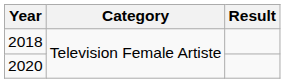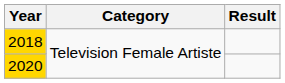 <table class="wikitable sortable">
 <tr>
 <th>Year</th>
 <th>Category</th>
 <th>Result</th>
 </tr>
 <tr>
-<td>2018</td>
+<td style="background: gold;">2018</td>
 <td rowspan=2>Television Female Artiste</td>
 <td></td>
 </tr>
 <tr>
-<td>2020</td>
+<td style="background: gold;">2020</td>
 <td></td>
 </tr>
 </table>
